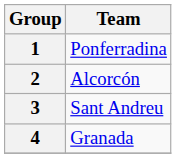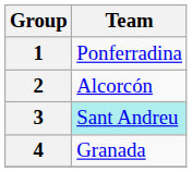 <table class="wikitable">
 <tr>
 <th>Group</th>
 <th>Team</th>
 </tr>
 <tr>
 <th>1</th>
 <td><a href='#'>Ponferradina</a></td>
 </tr>
 <tr>
 <th>2</th>
 <td><a href='#'>Alcorcón</a></td>
 </tr>
 <tr>
 <th>3</th>
-<td><a href='#'>Sant Andreu</a></td>
+<td style="background: paleturquoise;"><a href='#'>Sant Andreu</a></td>
 </tr>
 <tr>
 <th>4</th>
 <td><a href='#'>Granada</a></td>
 </tr>
 <tr>
 </tr>
 </table>
